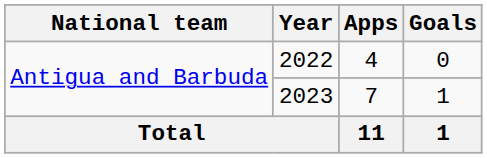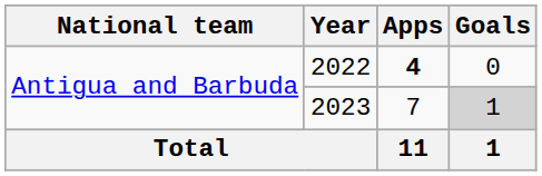 <table class="wikitable" style="text-align: center;">
 <tr>
 <th>National team</th>
 <th>Year</th>
 <th>Apps</th>
 <th>Goals</th>
 </tr>
 <tr>
 <td rowspan="2"><a href='#'>Antigua and Barbuda</a></td>
 <td>2022</td>
-<td>4</td>
+<td><strong>4</strong></td>
 <td>0</td>
 </tr>
 <tr>
 <td>2023</td>
 <td>7</td>
-<td>1</td>
+<td style="background: lightgrey;">1</td>
 </tr>
 <tr>
 <th colspan="2">Total</th>
 <th>11</th>
 <th>1</th>
 </tr>
 </table>
